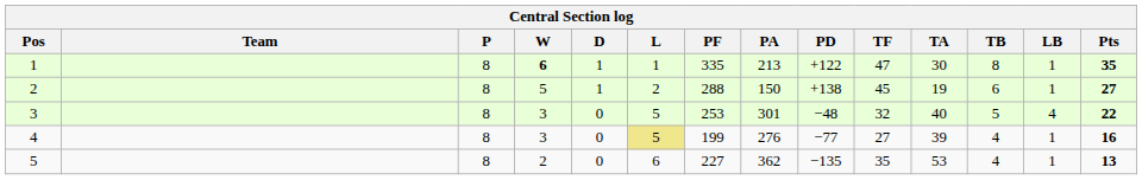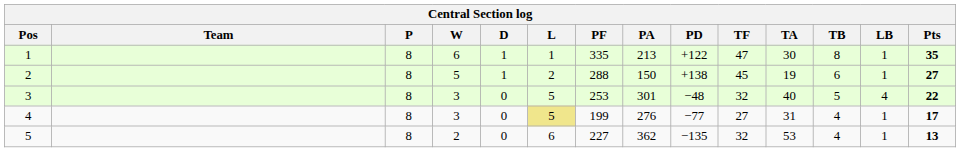 <table class="wikitable" style="text-align:center; font-size:100%; width:60%;">
 <tr>
 <th colspan="100%" cellpadding="0" cellspacing="0"><strong>Central Section log</strong></th>
 </tr>
 <tr>
 <th style="width:5%;">Pos</th>
 <th style="width:35%;">Team</th>
 <th style="width:5%;">P</th>
 <th style="width:5%;">W</th>
 <th style="width:5%;">D</th>
 <th style="width:5%;">L</th>
 <th style="width:5%;">PF</th>
 <th style="width:5%;">PA</th>
 <th style="width:5%;">PD</th>
 <th style="width:5%;">TF</th>
 <th style="width:5%;">TA</th>
 <th style="width:5%;">TB</th>
 <th style="width:5%;">LB</th>
 <th style="width:5%;">Pts<br></th>
 </tr>
 <tr style="background:#E8FFD8;">
 <td>1</td>
 <td align=left></td>
 <td>8</td>
-<td><strong>6</strong></td>
+<td>6</td>
 <td>1</td>
 <td>1</td>
 <td>335</td>
 <td>213</td>
 <td>+122</td>
 <td>47</td>
 <td>30</td>
 <td>8</td>
 <td>1</td>
 <td><strong>35</strong></td>
 </tr>
 <tr style="background:#E8FFD8;">
 <td>2</td>
 <td align=left></td>
 <td>8</td>
 <td>5</td>
 <td>1</td>
 <td>2</td>
 <td>288</td>
 <td>150</td>
 <td>+138</td>
 <td>45</td>
 <td>19</td>
 <td>6</td>
 <td>1</td>
 <td><strong>27</strong></td>
 </tr>
 <tr style="background:#E8FFD8;">
 <td>3</td>
 <td align=left></td>
 <td>8</td>
 <td>3</td>
 <td>0</td>
 <td>5</td>
 <td>253</td>
 <td>301</td>
 <td>−48</td>
 <td>32</td>
 <td>40</td>
 <td>5</td>
 <td>4</td>
 <td><strong>22</strong></td>
 </tr>
 <tr>
 <td>4</td>
 <td align=left></td>
 <td>8</td>
 <td>3</td>
 <td>0</td>
 <td style="background: khaki;">5</td>
 <td>199</td>
 <td>276</td>
 <td>−77</td>
 <td>27</td>
-<td>39</td>
+<td>31</td>
 <td>4</td>
 <td>1</td>
-<td><strong>16</strong></td>
+<td><strong>17</strong></td>
 </tr>
 <tr>
 <td>5</td>
 <td align=left></td>
 <td>8</td>
 <td>2</td>
 <td>0</td>
 <td>6</td>
 <td>227</td>
 <td>362</td>
 <td>−135</td>
-<td>35</td>
+<td>32</td>
 <td>53</td>
 <td>4</td>
 <td>1</td>
 <td><strong>13</strong></td>
 </tr>
 </table>
